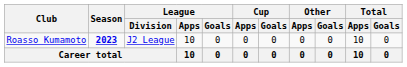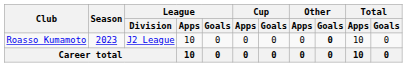 <table class=wikitable style=text-align:center>
 <tr>
 <th rowspan=2>Club</th>
 <th rowspan=2>Season</th>
 <th colspan=3>League</th>
 <th colspan=2>Cup</th>
 <th colspan=2>Other</th>
 <th colspan=2>Total</th>
 </tr>
 <tr>
 <th>Division</th>
 <th>Apps</th>
 <th>Goals</th>
 <th>Apps</th>
 <th>Goals</th>
 <th>Apps</th>
 <th>Goals</th>
 <th>Apps</th>
 <th>Goals</th>
 </tr>
 <tr>
 <td><a href='#'>Roasso Kumamoto</a></td>
-<td><strong><a href='#'>2023</a></strong></td>
+<td><a href='#'>2023</a></td>
 <td><a href='#'>J2 League</a></td>
 <td>10</td>
 <td>0</td>
 <td>0</td>
 <td>0</td>
 <td>0</td>
-<td>0</td>
+<td><strong>0</strong></td>
 <td>10</td>
 <td>0</td>
 </tr>
 <tr>
 <th colspan=3>Career total</th>
 <th>10</th>
 <th>0</th>
 <th>0</th>
 <th>0</th>
 <th>0</th>
 <th>0</th>
 <th>10</th>
 <th>0</th>
 </tr>
 </table>
